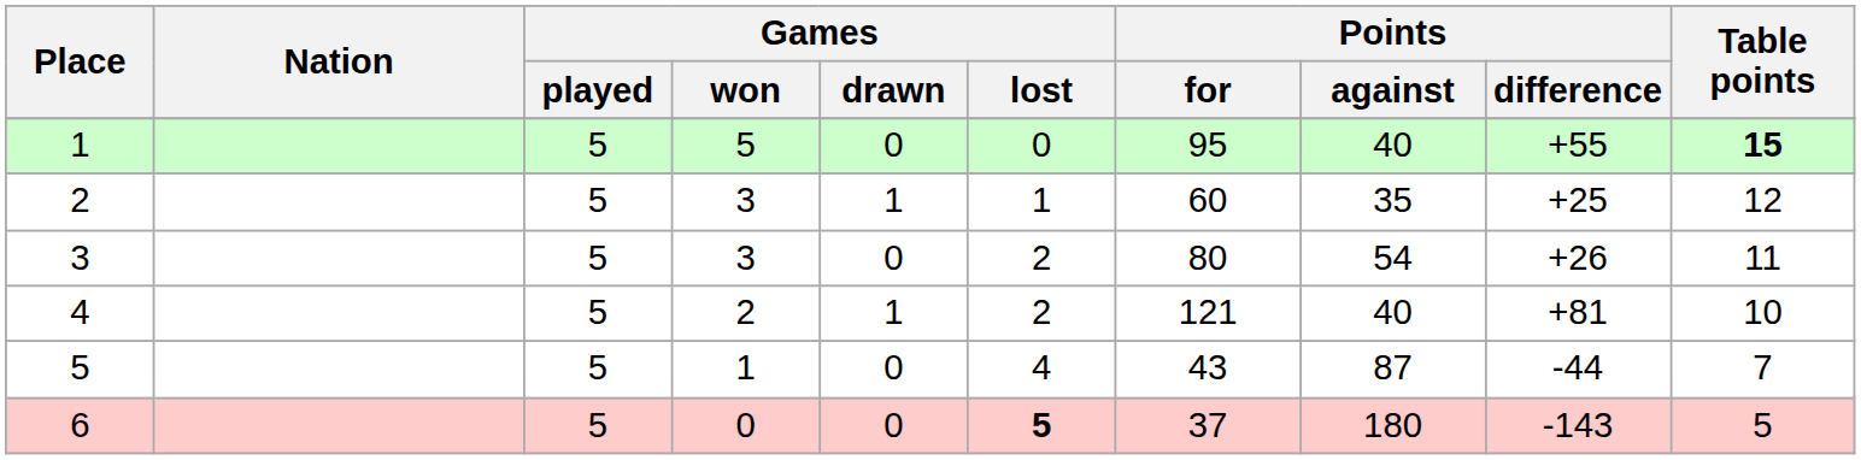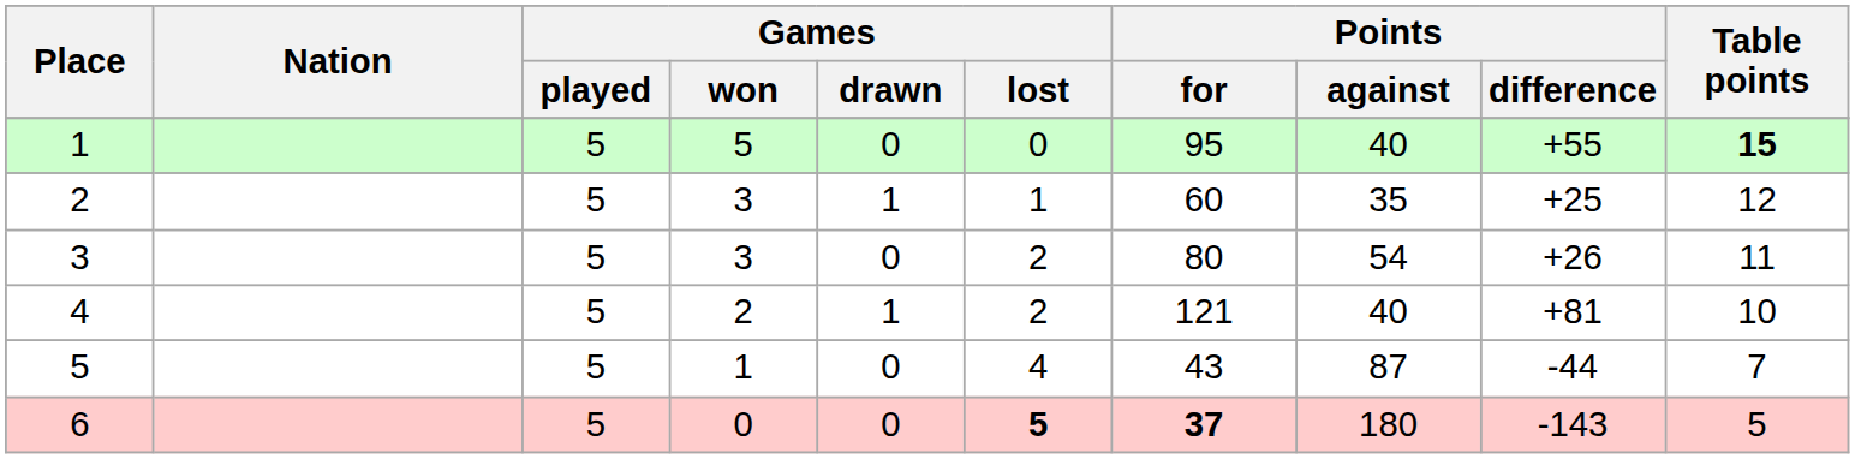 <table class="wikitable">
 <tr>
 <th rowspan=2 width="8%">Place</th>
 <th rowspan=2 width="20%">Nation</th>
 <th colspan=4 width="32%">Games</th>
 <th colspan=3 width="30%">Points</th>
 <th rowspan=2 width="10%">Table<br>points</th>
 </tr>
 <tr>
 <th width="8%">played</th>
 <th width="8%">won</th>
 <th width="8%">drawn</th>
 <th width="8%">lost</th>
 <th width="10%">for</th>
 <th width="10%">against</th>
 <th width="10%">difference</th>
 </tr>
 <tr>
 </tr>
 <tr bgcolor=#ccffcc align=center>
 <td>1</td>
 <td align=left><strong></strong></td>
 <td>5</td>
 <td>5</td>
 <td>0</td>
 <td>0</td>
 <td>95</td>
 <td>40</td>
 <td>+55</td>
 <td><strong>15</strong></td>
 </tr>
 <tr bgcolor=#ffffff align=center>
 <td>2</td>
 <td align=left></td>
 <td>5</td>
 <td>3</td>
 <td>1</td>
 <td>1</td>
 <td>60</td>
 <td>35</td>
 <td>+25</td>
 <td>12</td>
 </tr>
 <tr bgcolor=#ffffff align=center>
 <td>3</td>
 <td align=left></td>
 <td>5</td>
 <td>3</td>
 <td>0</td>
 <td>2</td>
 <td>80</td>
 <td>54</td>
 <td>+26</td>
 <td>11</td>
 </tr>
 <tr bgcolor=#ffffff align=center>
 <td>4</td>
 <td align=left></td>
 <td>5</td>
 <td>2</td>
 <td>1</td>
 <td>2</td>
 <td>121</td>
 <td>40</td>
 <td>+81</td>
 <td>10</td>
 </tr>
 <tr bgcolor=#ffffff align=center>
 <td>5</td>
 <td align=left></td>
 <td>5</td>
 <td>1</td>
 <td>0</td>
 <td>4</td>
 <td>43</td>
 <td>87</td>
 <td>-44</td>
 <td>7</td>
 </tr>
 <tr bgcolor=#ffcccc align=center>
 <td>6</td>
 <td align=left></td>
 <td>5</td>
 <td>0</td>
 <td>0</td>
 <td><strong>5</strong></td>
-<td>37</td>
+<td><strong>37</strong></td>
 <td>180</td>
 <td>-143</td>
 <td>5</td>
 </tr>
 </table>
